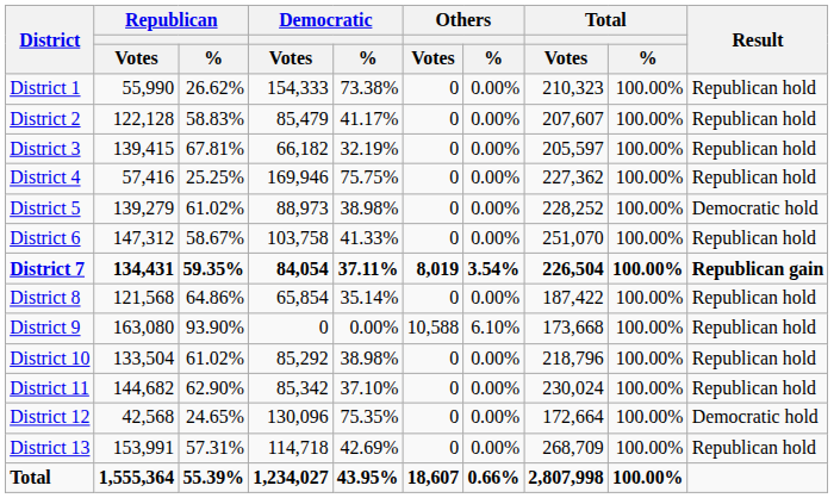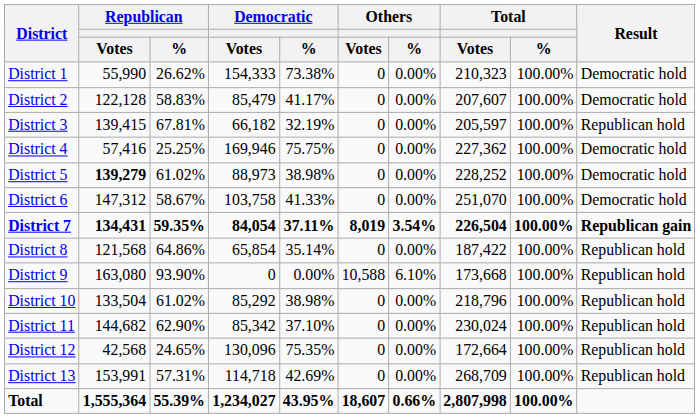 <table class="wikitable plainrowheaders sortable" style="font-size:100%; text-align:right;">
 <tr>
 <th scope=col rowspan=3><a href='#'>District</a></th>
 <th scope=col colspan=2><a href='#'>Republican</a></th>
 <th scope=col colspan=2><a href='#'>Democratic</a></th>
 <th scope=col colspan=2>Others</th>
 <th scope=col colspan=2>Total</th>
 <th scope=col rowspan=3>Result</th>
 </tr>
 <tr>
 <th scope=col colspan=2 style="background:"></th>
 <th scope=col colspan=2 style="background:"></th>
 <th scope=col colspan=2></th>
 <th scope=col colspan=2></th>
 </tr>
 <tr>
 <th scope=col data-sort-type="number">Votes</th>
 <th scope=col data-sort-type="number">%</th>
 <th scope=col data-sort-type="number">Votes</th>
 <th scope=col data-sort-type="number">%</th>
 <th scope=col data-sort-type="number">Votes</th>
 <th scope=col data-sort-type="number">%</th>
 <th scope=col data-sort-type="number">Votes</th>
 <th scope=col data-sort-type="number">%</th>
 </tr>
 <tr>
 <td align=left><a href='#'>District 1</a></td>
 <td>55,990</td>
 <td>26.62%</td>
 <td>154,333</td>
 <td>73.38%</td>
 <td>0</td>
 <td>0.00%</td>
 <td>210,323</td>
 <td>100.00%</td>
-<td align=left>Republican hold</td>
+<td align=left>Democratic hold</td>
 </tr>
 <tr>
 <td align=left><a href='#'>District 2</a></td>
 <td>122,128</td>
 <td>58.83%</td>
 <td>85,479</td>
 <td>41.17%</td>
 <td>0</td>
 <td>0.00%</td>
 <td>207,607</td>
 <td>100.00%</td>
-<td align=left>Republican hold</td>
+<td align=left>Democratic hold</td>
 </tr>
 <tr>
 <td align=left><a href='#'>District 3</a></td>
 <td>139,415</td>
 <td>67.81%</td>
 <td>66,182</td>
 <td>32.19%</td>
 <td>0</td>
 <td>0.00%</td>
 <td>205,597</td>
 <td>100.00%</td>
 <td align=left>Republican hold</td>
 </tr>
 <tr>
 <td align=left><a href='#'>District 4</a></td>
 <td>57,416</td>
 <td>25.25%</td>
 <td>169,946</td>
 <td>75.75%</td>
 <td>0</td>
 <td>0.00%</td>
 <td>227,362</td>
 <td>100.00%</td>
-<td align=left>Republican hold</td>
+<td align=left>Democratic hold</td>
 </tr>
 <tr>
 <td align=left><a href='#'>District 5</a></td>
-<td>139,279</td>
+<td><strong>139,279</strong></td>
 <td>61.02%</td>
 <td>88,973</td>
 <td>38.98%</td>
 <td>0</td>
 <td>0.00%</td>
 <td>228,252</td>
 <td>100.00%</td>
 <td align=left>Democratic hold</td>
 </tr>
 <tr>
 <td align=left><a href='#'>District 6</a></td>
 <td>147,312</td>
 <td>58.67%</td>
 <td>103,758</td>
 <td>41.33%</td>
 <td>0</td>
 <td>0.00%</td>
 <td>251,070</td>
 <td>100.00%</td>
-<td align=left>Republican hold</td>
+<td align=left>Democratic hold</td>
 </tr>
 <tr>
 <td align=left><strong><a href='#'>District 7</a></strong></td>
 <td><strong>134,431</strong></td>
 <td><strong>59.35%</strong></td>
 <td><strong>84,054</strong></td>
 <td><strong>37.11%</strong></td>
 <td><strong>8,019</strong></td>
 <td><strong>3.54%</strong></td>
 <td><strong>226,504</strong></td>
 <td><strong>100.00%</strong></td>
 <td align=left><strong>Republican gain</strong></td>
 </tr>
 <tr>
 <td align=left><a href='#'>District 8</a></td>
 <td>121,568</td>
 <td>64.86%</td>
 <td>65,854</td>
 <td>35.14%</td>
 <td>0</td>
 <td>0.00%</td>
 <td>187,422</td>
 <td>100.00%</td>
 <td align=left>Republican hold</td>
 </tr>
 <tr>
 <td align=left><a href='#'>District 9</a></td>
 <td>163,080</td>
 <td>93.90%</td>
 <td>0</td>
 <td>0.00%</td>
 <td>10,588</td>
 <td>6.10%</td>
 <td>173,668</td>
 <td>100.00%</td>
 <td align=left>Republican hold</td>
 </tr>
 <tr>
 <td align=left><a href='#'>District 10</a></td>
 <td>133,504</td>
 <td>61.02%</td>
 <td>85,292</td>
 <td>38.98%</td>
 <td>0</td>
 <td>0.00%</td>
 <td>218,796</td>
 <td>100.00%</td>
 <td align=left>Republican hold</td>
 </tr>
 <tr>
 <td align=left><a href='#'>District 11</a></td>
 <td>144,682</td>
 <td>62.90%</td>
 <td>85,342</td>
 <td>37.10%</td>
 <td>0</td>
 <td>0.00%</td>
 <td>230,024</td>
 <td>100.00%</td>
 <td align=left>Republican hold</td>
 </tr>
 <tr>
 <td align=left><a href='#'>District 12</a></td>
 <td>42,568</td>
 <td>24.65%</td>
 <td>130,096</td>
 <td>75.35%</td>
 <td>0</td>
 <td>0.00%</td>
 <td>172,664</td>
 <td>100.00%</td>
-<td align=left>Democratic hold</td>
+<td align=left>Republican hold</td>
 </tr>
 <tr>
 <td align=left><a href='#'>District 13</a></td>
 <td>153,991</td>
 <td>57.31%</td>
 <td>114,718</td>
 <td>42.69%</td>
 <td>0</td>
 <td>0.00%</td>
 <td>268,709</td>
 <td>100.00%</td>
 <td align=left>Republican hold</td>
 </tr>
 <tr class="sortbottom" style="font-weight:bold">
 <td align=left>Total</td>
 <td>1,555,364</td>
 <td>55.39%</td>
 <td>1,234,027</td>
 <td>43.95%</td>
 <td>18,607</td>
 <td>0.66%</td>
 <td>2,807,998</td>
 <td>100.00%</td>
 <td></td>
 </tr>
 </table>
